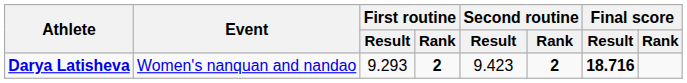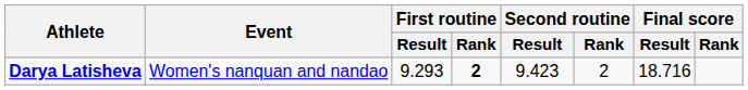 <table class=wikitable style=font-size:90%;text-align:center>
 <tr>
 <th rowspan="2">Athlete</th>
 <th rowspan="2">Event</th>
 <th colspan="2">First routine</th>
 <th colspan="2">Second routine</th>
 <th colspan="2">Final score</th>
 </tr>
 <tr style="font-size:95%">
 <th>Result</th>
 <th>Rank</th>
 <th>Result</th>
 <th>Rank</th>
 <th>Result</th>
 <th>Rank</th>
 </tr>
 <tr align=center>
 <td align=left><strong><a href='#'>Darya Latisheva</a></strong></td>
 <td align=left><a href='#'>Women's nanquan and nandao</a></td>
 <td>9.293</td>
 <td><strong>2</strong></td>
 <td>9.423</td>
-<td><strong>2</strong></td>
-<td><strong>18.716</strong></td>
+<td>2</td>
+<td>18.716</td>
 <td></td>
 </tr>
 </table>
